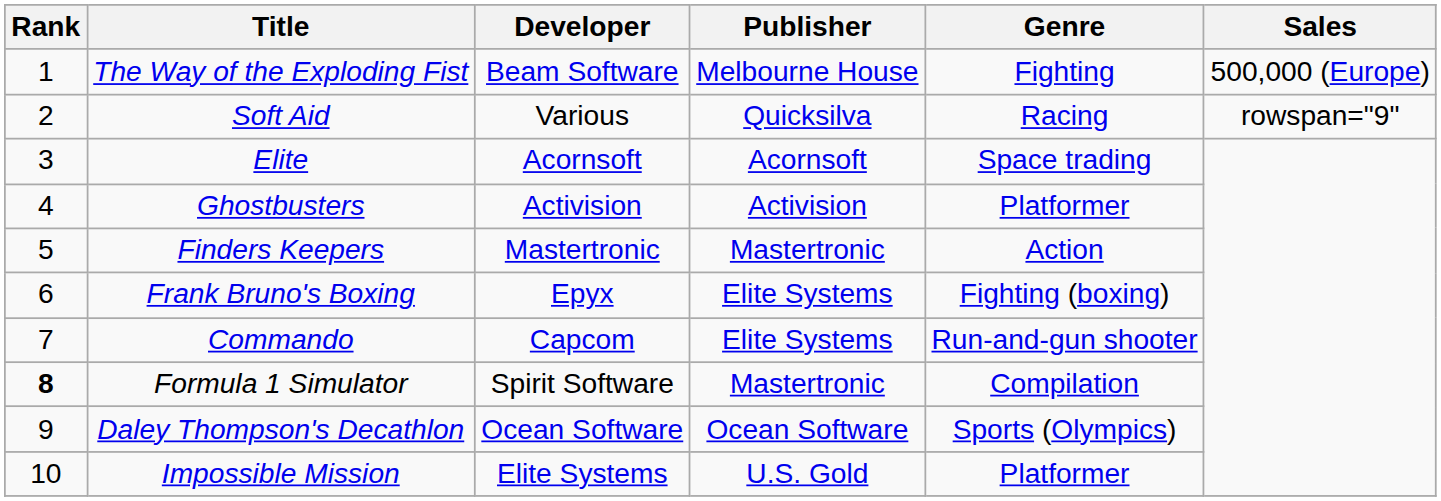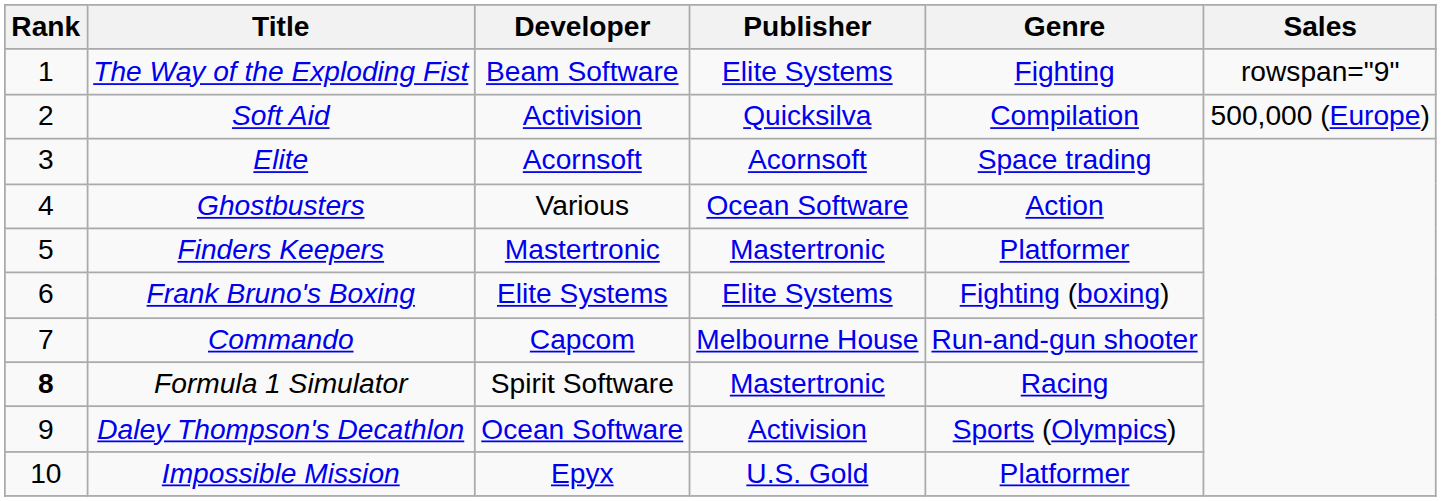 <table class="wikitable sortable" style="text-align:center">
 <tr>
 <th>Rank</th>
 <th>Title</th>
 <th>Developer</th>
 <th>Publisher</th>
 <th>Genre</th>
 <th>Sales</th>
 </tr>
 <tr>
 <td>1</td>
 <td><em><a href='#'>The Way of the Exploding Fist</a></em></td>
 <td><a href='#'>Beam Software</a></td>
-<td><a href='#'>Melbourne House</a></td>
+<td><a href='#'>Elite Systems</a></td>
 <td><a href='#'>Fighting</a></td>
-<td>500,000 (<a href='#'>Europe</a>)</td>
+<td>rowspan="9" </td>
 </tr>
 <tr>
 <td>2</td>
 <td><em><a href='#'>Soft Aid</a></em></td>
-<td>Various</td>
+<td><a href='#'>Activision</a></td>
 <td><a href='#'>Quicksilva</a></td>
-<td><a href='#'>Racing</a></td>
-<td>rowspan="9" </td>
+<td><a href='#'>Compilation</a></td>
+<td>500,000 (<a href='#'>Europe</a>)</td>
 </tr>
 <tr>
 <td>3</td>
 <td><em><a href='#'>Elite</a></em></td>
 <td><a href='#'>Acornsoft</a></td>
 <td><a href='#'>Acornsoft</a></td>
 <td><a href='#'>Space trading</a></td>
 </tr>
 <tr>
 <td>4</td>
 <td><em><a href='#'>Ghostbusters</a></em></td>
-<td><a href='#'>Activision</a></td>
-<td><a href='#'>Activision</a></td>
-<td><a href='#'>Platformer</a></td>
+<td>Various</td>
+<td><a href='#'>Ocean Software</a></td>
+<td><a href='#'>Action</a></td>
 </tr>
 <tr>
 <td>5</td>
 <td><em><a href='#'>Finders Keepers</a></em></td>
 <td><a href='#'>Mastertronic</a></td>
 <td><a href='#'>Mastertronic</a></td>
-<td><a href='#'>Action</a></td>
+<td><a href='#'>Platformer</a></td>
 </tr>
 <tr>
 <td>6</td>
 <td><em><a href='#'>Frank Bruno's Boxing</a></em></td>
-<td><a href='#'>Epyx</a></td>
+<td><a href='#'>Elite Systems</a></td>
 <td><a href='#'>Elite Systems</a></td>
 <td><a href='#'>Fighting</a> (<a href='#'>boxing</a>)</td>
 </tr>
 <tr>
 <td>7</td>
 <td><em><a href='#'>Commando</a></em></td>
 <td><a href='#'>Capcom</a></td>
-<td><a href='#'>Elite Systems</a></td>
+<td><a href='#'>Melbourne House</a></td>
 <td><a href='#'>Run-and-gun shooter</a></td>
 </tr>
 <tr>
 <td><strong>8</strong></td>
 <td><em>Formula 1 Simulator</em></td>
 <td>Spirit Software</td>
 <td><a href='#'>Mastertronic</a></td>
-<td><a href='#'>Compilation</a></td>
+<td><a href='#'>Racing</a></td>
 </tr>
 <tr>
 <td>9</td>
 <td><em><a href='#'>Daley Thompson's Decathlon</a></em></td>
 <td><a href='#'>Ocean Software</a></td>
-<td><a href='#'>Ocean Software</a></td>
+<td><a href='#'>Activision</a></td>
 <td><a href='#'>Sports</a> (<a href='#'>Olympics</a>)</td>
 </tr>
 <tr>
 <td>10</td>
 <td><em><a href='#'>Impossible Mission</a></em></td>
-<td><a href='#'>Elite Systems</a></td>
+<td><a href='#'>Epyx</a></td>
 <td><a href='#'>U.S. Gold</a></td>
 <td><a href='#'>Platformer</a></td>
 </tr>
 </table>
